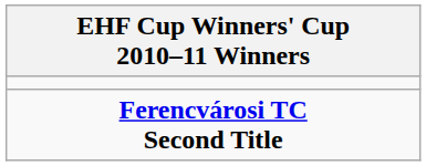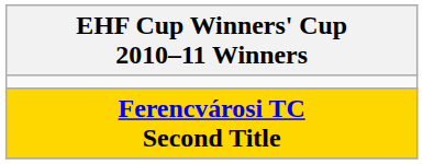 <table class="wikitable" style="text-align: center; margin: 0 auto; width: 20%">
 <tr>
 <th>EHF Cup Winners' Cup <br>2010–11 Winners</th>
 </tr>
 <tr>
 <td></td>
 </tr>
 <tr>
-<td><strong><a href='#'>Ferencvárosi TC</a></strong><br><strong>Second Title</strong></td>
+<td style="background: gold;"><strong><a href='#'>Ferencvárosi TC</a></strong><br><strong>Second Title</strong></td>
 </tr>
 </table>
